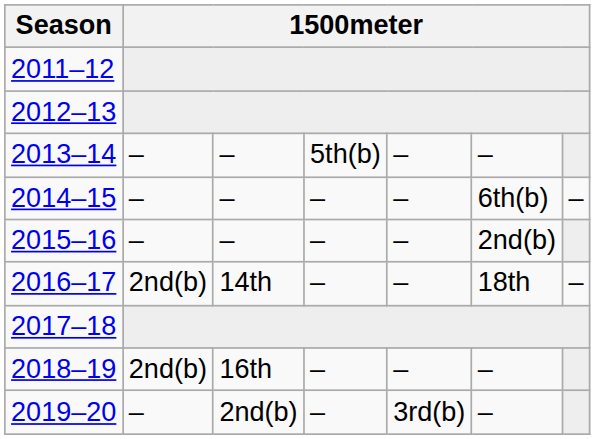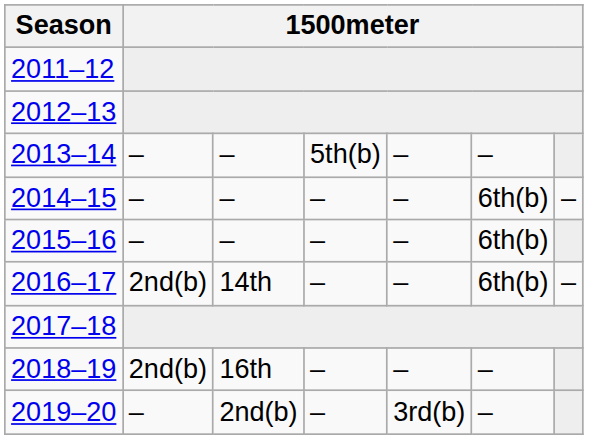 <table class="wikitable" style="display: inline-table;">
 <tr>
 <th>Season</th>
 <th colspan="14">1500meter</th>
 </tr>
 <tr>
 <td><a href='#'>2011–12</a></td>
 <td colspan="6" bgcolor=#EEEEEE></td>
 </tr>
 <tr>
 <td><a href='#'>2012–13</a></td>
 <td colspan="6" bgcolor=#EEEEEE></td>
 </tr>
 <tr>
 <td><a href='#'>2013–14</a></td>
 <td>–</td>
 <td>–</td>
 <td>5th(b)</td>
 <td>–</td>
 <td>–</td>
 <td colspan="1" bgcolor=#EEEEEE></td>
 </tr>
 <tr>
 <td><a href='#'>2014–15</a></td>
 <td>–</td>
 <td>–</td>
 <td>–</td>
 <td>–</td>
 <td>6th(b)</td>
 <td>–</td>
 </tr>
 <tr>
 <td><a href='#'>2015–16</a></td>
 <td>–</td>
 <td>–</td>
 <td>–</td>
 <td>–</td>
-<td>2nd(b)</td>
+<td>6th(b)</td>
 <td colspan="1" bgcolor=#EEEEEE></td>
 </tr>
 <tr>
 <td><a href='#'>2016–17</a></td>
 <td>2nd(b)</td>
 <td>14th</td>
 <td>–</td>
 <td>–</td>
-<td>18th</td>
+<td>6th(b)</td>
 <td>–</td>
 </tr>
 <tr>
 <td><a href='#'>2017–18</a></td>
 <td colspan="6" bgcolor=#EEEEEE></td>
 </tr>
 <tr>
 <td><a href='#'>2018–19</a></td>
 <td>2nd(b)</td>
 <td>16th</td>
 <td>–</td>
 <td>–</td>
 <td>–</td>
 <td colspan="1" bgcolor=#EEEEEE></td>
 </tr>
 <tr>
 <td><a href='#'>2019–20</a></td>
 <td>–</td>
 <td>2nd(b)</td>
 <td>–</td>
 <td>3rd(b)</td>
 <td>–</td>
 <td colspan="1" bgcolor=#EEEEEE></td>
 </tr>
 </table>
